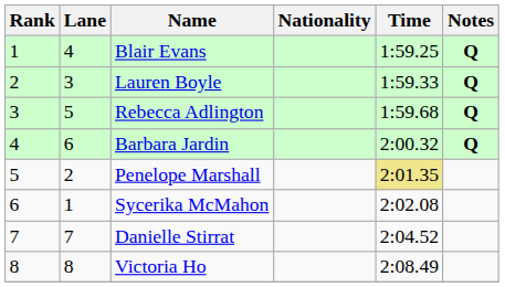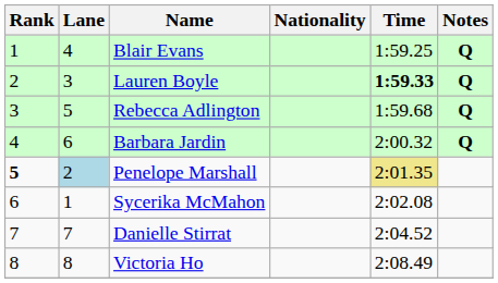 <table class="wikitable">
 <tr>
 <th>Rank</th>
 <th>Lane</th>
 <th>Name</th>
 <th>Nationality</th>
 <th>Time</th>
 <th>Notes</th>
 </tr>
 <tr style="background:#CCFFCC;">
 <td>1</td>
 <td>4</td>
 <td><a href='#'>Blair Evans</a></td>
 <td></td>
 <td>1:59.25</td>
 <td style="text-align:center;"><strong>Q</strong></td>
 </tr>
 <tr style="background:#CCFFCC;">
 <td>2</td>
 <td>3</td>
 <td><a href='#'>Lauren Boyle</a></td>
 <td></td>
-<td>1:59.33</td>
+<td><strong>1:59.33</strong></td>
 <td style="text-align:center;"><strong>Q</strong></td>
 </tr>
 <tr style="background:#CCFFCC;">
 <td>3</td>
 <td>5</td>
 <td><a href='#'>Rebecca Adlington</a></td>
 <td></td>
 <td>1:59.68</td>
 <td style="text-align:center;"><strong>Q</strong></td>
 </tr>
 <tr style="background:#CCFFCC;">
 <td>4</td>
 <td>6</td>
 <td><a href='#'>Barbara Jardin</a></td>
 <td></td>
 <td>2:00.32</td>
 <td style="text-align:center;"><strong>Q</strong></td>
 </tr>
 <tr>
-<td>5</td>
-<td>2</td>
+<td><strong>5</strong></td>
+<td style="background: lightblue;">2</td>
 <td><a href='#'>Penelope Marshall</a></td>
 <td></td>
 <td style="background: khaki;">2:01.35</td>
 <td></td>
 </tr>
 <tr>
 <td>6</td>
 <td>1</td>
 <td><a href='#'>Sycerika McMahon</a></td>
 <td></td>
 <td>2:02.08</td>
 <td></td>
 </tr>
 <tr>
 <td>7</td>
 <td>7</td>
 <td><a href='#'>Danielle Stirrat</a></td>
 <td></td>
 <td>2:04.52</td>
 <td></td>
 </tr>
 <tr>
 <td>8</td>
 <td>8</td>
 <td><a href='#'>Victoria Ho</a></td>
 <td></td>
 <td>2:08.49</td>
 <td></td>
 </tr>
 <tr>
 </tr>
 </table>
